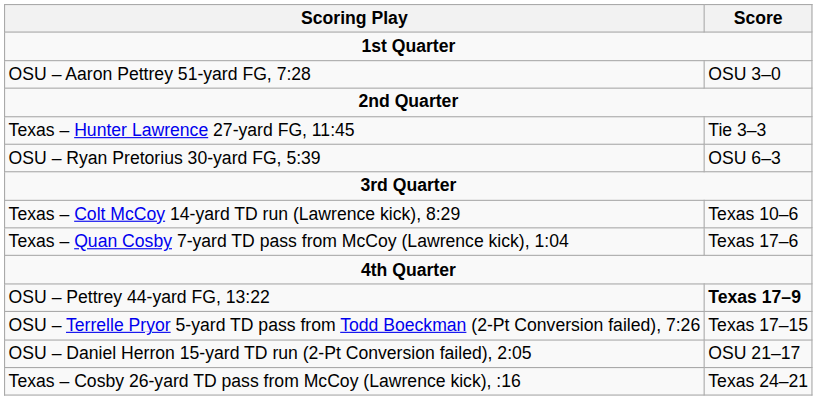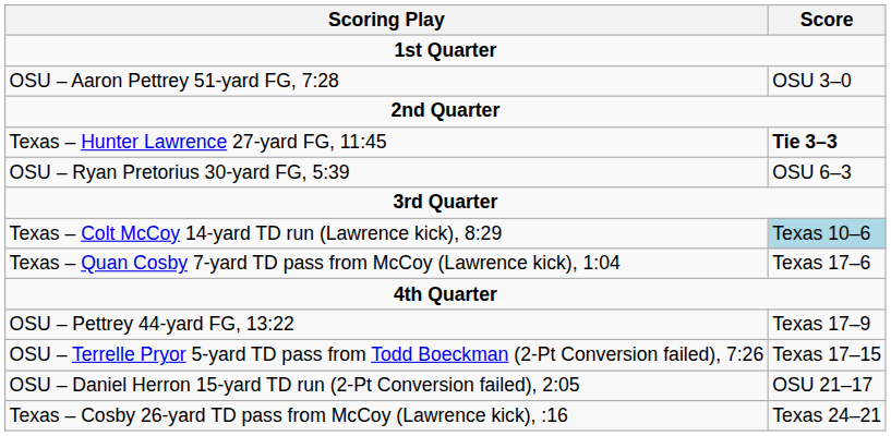 <table class="wikitable">
 <tr>
 <th>Scoring Play</th>
 <th>Score</th>
 </tr>
 <tr>
 <td colspan="4" align="center"><strong>1st Quarter</strong></td>
 </tr>
 <tr>
 <td>OSU – Aaron Pettrey 51-yard FG, 7:28</td>
 <td>OSU 3–0</td>
 </tr>
 <tr>
 <td colspan="4" align="center"><strong>2nd Quarter</strong></td>
 </tr>
 <tr>
 <td>Texas – <a href='#'>Hunter Lawrence</a> 27-yard FG, 11:45</td>
-<td>Tie 3–3</td>
+<td><strong>Tie 3–3</strong></td>
 </tr>
 <tr>
 <td>OSU – Ryan Pretorius 30-yard FG, 5:39</td>
 <td>OSU 6–3</td>
 </tr>
 <tr>
 <td colspan="4" align="center"><strong>3rd Quarter</strong></td>
 </tr>
 <tr>
 <td>Texas – <a href='#'>Colt McCoy</a> 14-yard TD run (Lawrence kick), 8:29</td>
-<td>Texas 10–6</td>
+<td style="background: lightblue;">Texas 10–6</td>
 </tr>
 <tr>
 <td>Texas – <a href='#'>Quan Cosby</a> 7-yard TD pass from McCoy (Lawrence kick), 1:04</td>
 <td>Texas 17–6</td>
 </tr>
 <tr>
 <td colspan="4" align="center"><strong>4th Quarter</strong></td>
 </tr>
 <tr>
 <td>OSU – Pettrey 44-yard FG, 13:22</td>
-<td><strong>Texas 17–9</strong></td>
+<td>Texas 17–9</td>
 </tr>
 <tr>
 <td>OSU – <a href='#'>Terrelle Pryor</a> 5-yard TD pass from <a href='#'>Todd Boeckman</a> (2-Pt Conversion failed), 7:26</td>
 <td>Texas 17–15</td>
 </tr>
 <tr>
 <td>OSU – Daniel Herron 15-yard TD run (2-Pt Conversion failed), 2:05</td>
 <td>OSU 21–17</td>
 </tr>
 <tr>
 <td>Texas – Cosby 26-yard TD pass from McCoy (Lawrence kick), :16</td>
 <td>Texas 24–21</td>
 </tr>
 </table>
